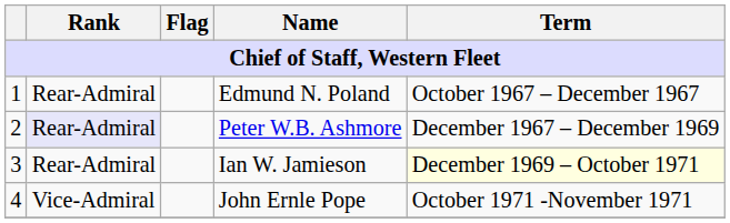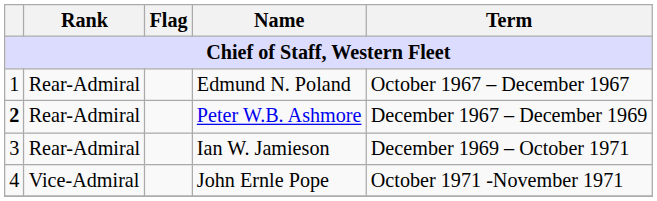 <table class="wikitable">
 <tr>
 <th></th>
 <th>Rank</th>
 <th>Flag</th>
 <th>Name</th>
 <th>Term</th>
 </tr>
 <tr>
 <td colspan="5" align="center" style="background:#dcdcfe;"><strong>Chief of Staff, Western Fleet</strong></td>
 </tr>
 <tr>
 <td>1</td>
 <td>Rear-Admiral</td>
 <td></td>
 <td>Edmund N. Poland</td>
 <td>October 1967 – December 1967</td>
 </tr>
 <tr>
-<td>2</td>
-<td style="background: lavender;">Rear-Admiral</td>
+<td><strong>2</strong></td>
+<td>Rear-Admiral</td>
 <td></td>
 <td><a href='#'>Peter W.B. Ashmore</a></td>
 <td>December 1967 – December 1969</td>
 </tr>
 <tr>
 <td>3</td>
 <td>Rear-Admiral</td>
 <td></td>
 <td>Ian W. Jamieson</td>
-<td style="background: lightyellow;">December 1969 – October 1971</td>
+<td>December 1969 – October 1971</td>
 </tr>
 <tr>
 <td>4</td>
 <td>Vice-Admiral</td>
 <td></td>
 <td>John Ernle Pope</td>
 <td>October 1971 -November 1971</td>
 </tr>
 <tr>
 </tr>
 </table>
